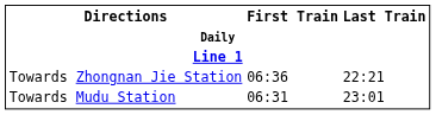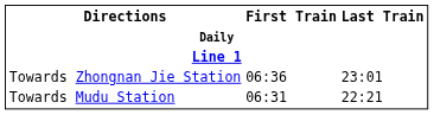 <table style="text-align:centre; font-size:95%; border:1px solid black">
 <tr>
 <th>Directions</th>
 <th>First Train</th>
 <th>Last Train</th>
 </tr>
 <tr>
 <th colspan="5" style="text-align:center"><small>Daily</small></th>
 </tr>
 <tr>
 <th colspan="8" style="background-color:#"><a href='#'>Line 1</a></th>
 </tr>
 <tr>
 <td>Towards <a href='#'>Zhongnan Jie Station</a></td>
 <td>06:36</td>
-<td>22:21</td>
+<td>23:01</td>
 </tr>
 <tr>
 <td>Towards <a href='#'>Mudu Station</a></td>
 <td>06:31</td>
-<td>23:01</td>
+<td>22:21</td>
 </tr>
 </table>
